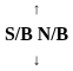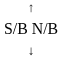 <table style="text-align:center;">
 <tr>
 <td><small>  ↑ </small></td>
 </tr>
 <tr>
-<td><strong><span>S/B</span>   <span>N/B</span></strong></td>
+<td><span>S/B</span>   <span>N/B</span></td>
 </tr>
 <tr>
 <td><small> ↓   </small></td>
 </tr>
 </table>
